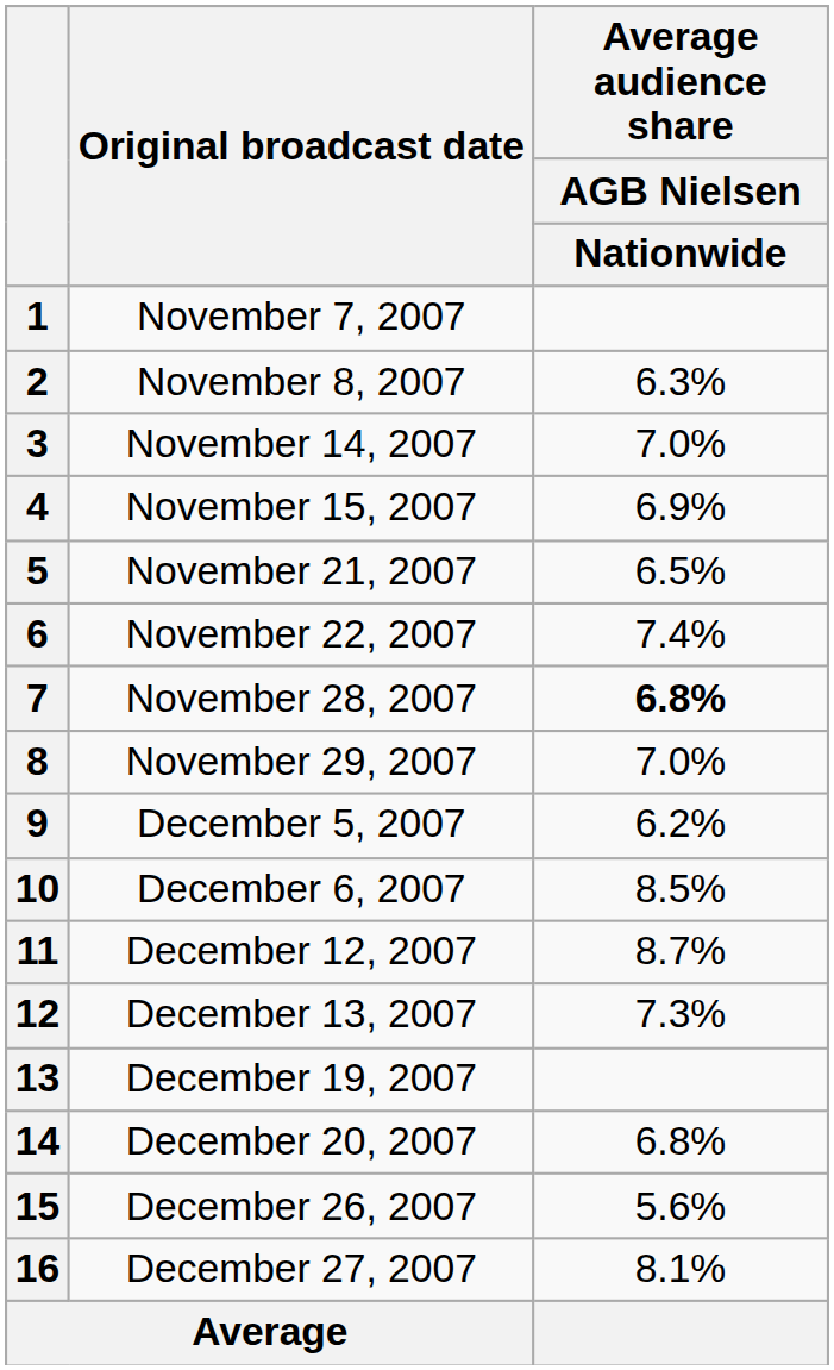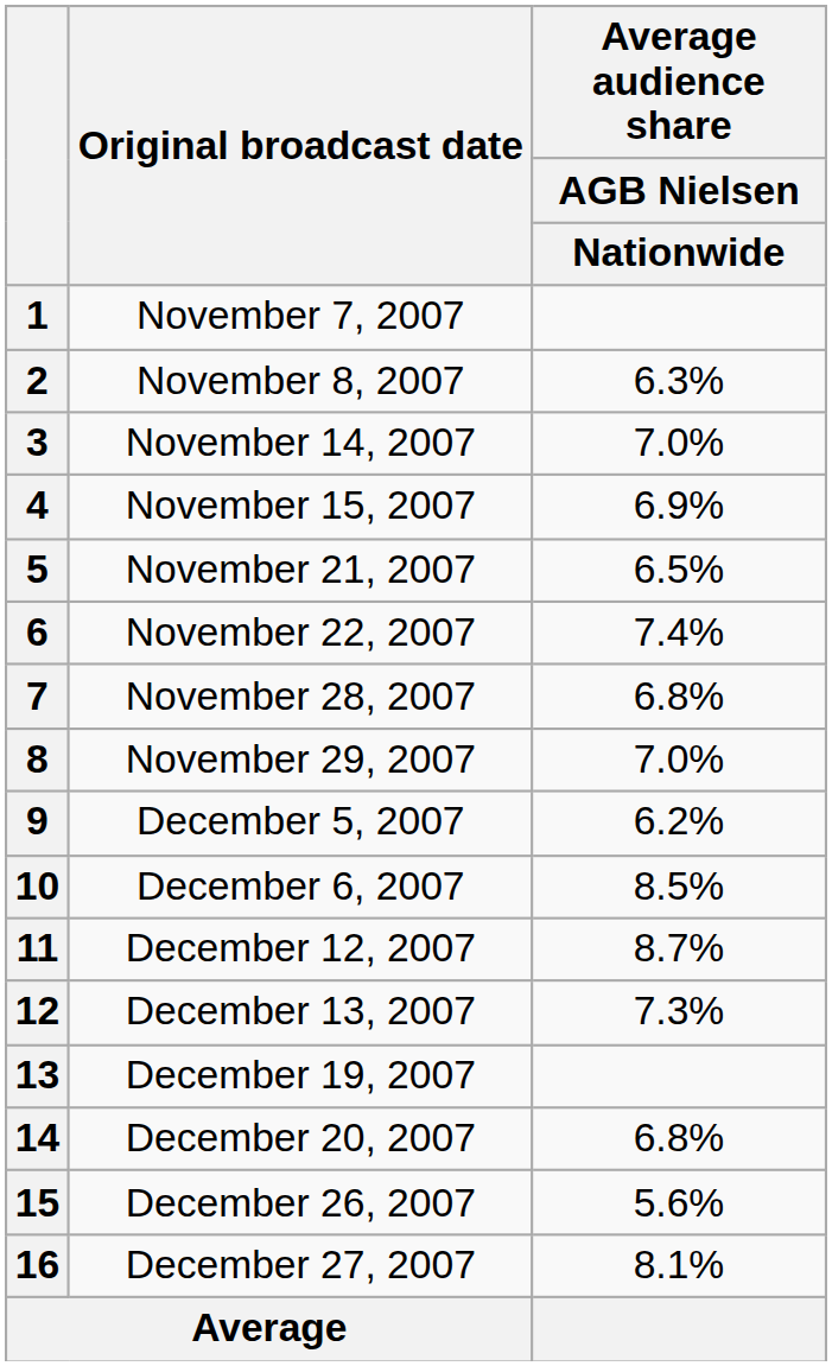 <table class=wikitable style="text-align:center">
 <tr>
 <th rowspan="3"></th>
 <th rowspan="3">Original broadcast date</th>
 <th width="110">Average audience share</th>
 </tr>
 <tr>
 <th>AGB Nielsen</th>
 </tr>
 <tr>
 <th>Nationwide</th>
 </tr>
 <tr>
 <th>1</th>
 <td>November 7, 2007</td>
 <td></td>
 </tr>
 <tr>
 <th>2</th>
 <td>November 8, 2007</td>
 <td>6.3%</td>
 </tr>
 <tr>
 <th>3</th>
 <td>November 14, 2007</td>
 <td>7.0%</td>
 </tr>
 <tr>
 <th>4</th>
 <td>November 15, 2007</td>
 <td>6.9%</td>
 </tr>
 <tr>
 <th>5</th>
 <td>November 21, 2007</td>
 <td>6.5%</td>
 </tr>
 <tr>
 <th>6</th>
 <td>November 22, 2007</td>
 <td>7.4%</td>
 </tr>
 <tr>
 <th>7</th>
 <td>November 28, 2007</td>
-<td><strong>6.8%</strong></td>
+<td>6.8%</td>
 </tr>
 <tr>
 <th>8</th>
 <td>November 29, 2007</td>
 <td>7.0%</td>
 </tr>
 <tr>
 <th>9</th>
 <td>December 5, 2007</td>
 <td>6.2%</td>
 </tr>
 <tr>
 <th>10</th>
 <td>December 6, 2007</td>
 <td>8.5%</td>
 </tr>
 <tr>
 <th>11</th>
 <td>December 12, 2007</td>
 <td>8.7%</td>
 </tr>
 <tr>
 <th>12</th>
 <td>December 13, 2007</td>
 <td>7.3%</td>
 </tr>
 <tr>
 <th>13</th>
 <td>December 19, 2007</td>
 <td></td>
 </tr>
 <tr>
 <th>14</th>
 <td>December 20, 2007</td>
 <td>6.8%</td>
 </tr>
 <tr>
 <th>15</th>
 <td>December 26, 2007</td>
 <td>5.6%</td>
 </tr>
 <tr>
 <th>16</th>
 <td>December 27, 2007</td>
 <td>8.1%</td>
 </tr>
 <tr>
 <th colspan=2>Average</th>
 <th></th>
 </tr>
 </table>
